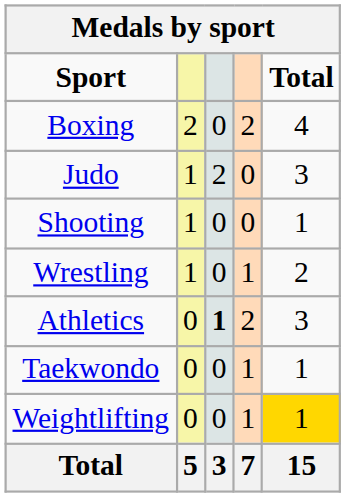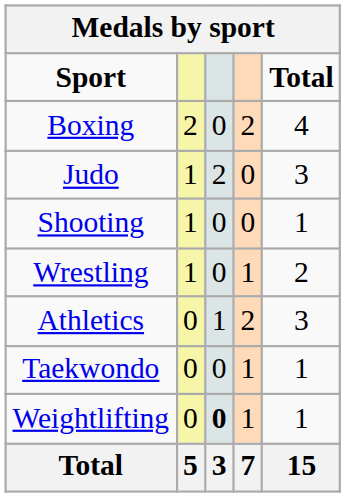 <table class="wikitable" style="font-size:85%; float:right">
 <tr bgcolor=#efefef>
 <th colspan=7><strong>Medals by sport</strong></th>
 </tr>
 <tr align=center>
 <td><strong>Sport</strong></td>
 <td bgcolor=#f7f6a8></td>
 <td bgcolor=#dce5e5></td>
 <td bgcolor=#ffdab9></td>
 <td><strong>Total</strong></td>
 </tr>
 <tr align=center>
 <td><a href='#'>Boxing</a></td>
 <td bgcolor=#f7f6a8>2</td>
 <td bgcolor=#dce5e5>0</td>
 <td bgcolor=#ffdab9>2</td>
 <td>4</td>
 </tr>
 <tr align=center>
 <td><a href='#'>Judo</a></td>
 <td bgcolor=#f7f6a8>1</td>
 <td bgcolor=#dce5e5>2</td>
 <td bgcolor=#ffdab9>0</td>
 <td>3</td>
 </tr>
 <tr align=center>
 <td><a href='#'>Shooting</a></td>
 <td bgcolor=#f7f6a8>1</td>
 <td bgcolor=#dce5e5>0</td>
 <td bgcolor=#ffdab9>0</td>
 <td>1</td>
 </tr>
 <tr align=center>
 <td><a href='#'>Wrestling</a></td>
 <td bgcolor=#f7f6a8>1</td>
 <td bgcolor=#dce5e5>0</td>
 <td bgcolor=#ffdab9>1</td>
 <td>2</td>
 </tr>
 <tr align=center>
 <td><a href='#'>Athletics</a></td>
 <td bgcolor=#f7f6a8>0</td>
-<td bgcolor=#dce5e5><strong>1</strong></td>
+<td bgcolor=#dce5e5>1</td>
 <td bgcolor=#ffdab9>2</td>
 <td>3</td>
 </tr>
 <tr align=center>
 <td><a href='#'>Taekwondo</a></td>
 <td bgcolor=#f7f6a8>0</td>
 <td bgcolor=#dce5e5>0</td>
 <td bgcolor=#ffdab9>1</td>
 <td>1</td>
 </tr>
 <tr align=center>
 <td><a href='#'>Weightlifting</a></td>
 <td bgcolor=#f7f6a8>0</td>
-<td bgcolor=#dce5e5>0</td>
+<td bgcolor=#dce5e5><strong>0</strong></td>
 <td bgcolor=#ffdab9>1</td>
-<td style="background: gold;">1</td>
+<td>1</td>
 </tr>
 <tr align=center>
 <th><strong>Total</strong></th>
 <th bgcolor=gold><strong>5</strong></th>
 <th bgcolor=silver><strong>3</strong></th>
 <th bgcolor=#c96><strong>7</strong></th>
 <th><strong>15</strong></th>
 </tr>
 </table>
